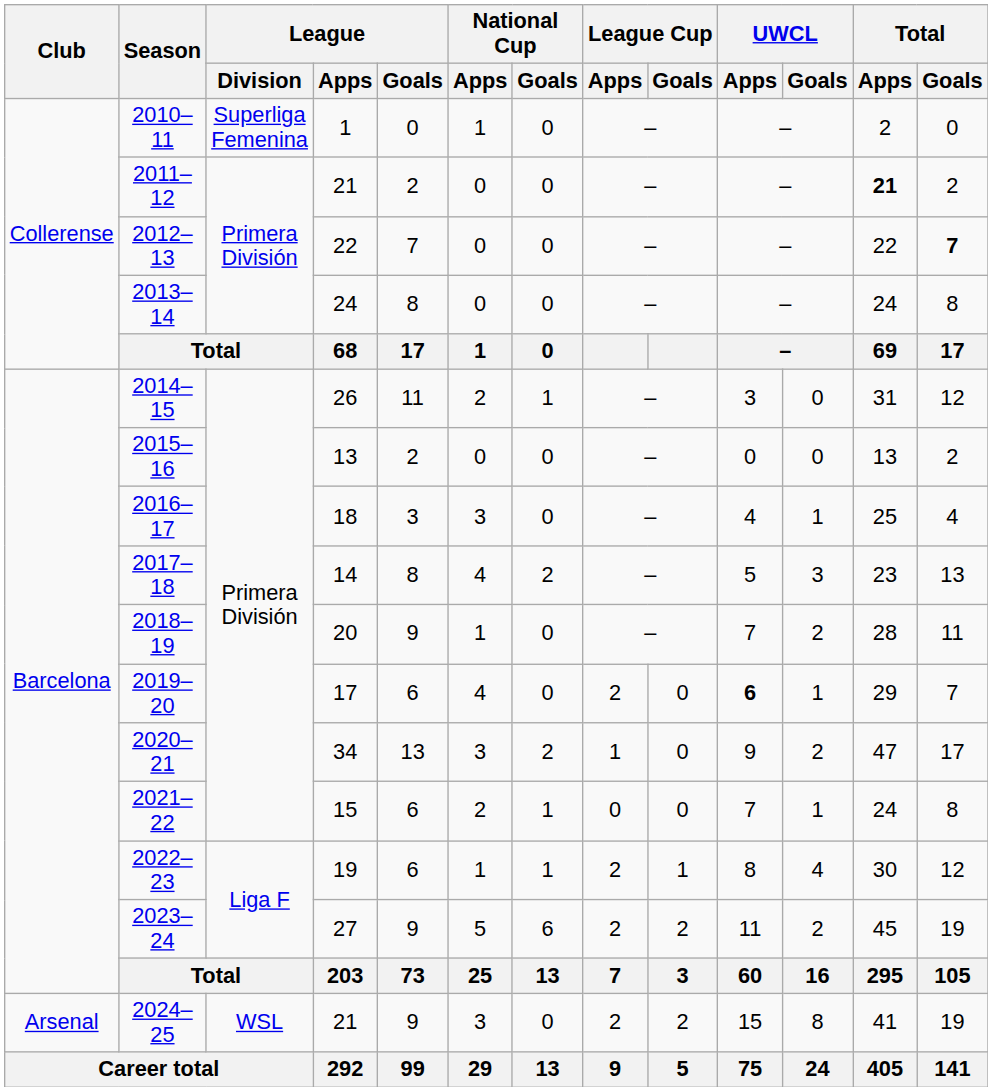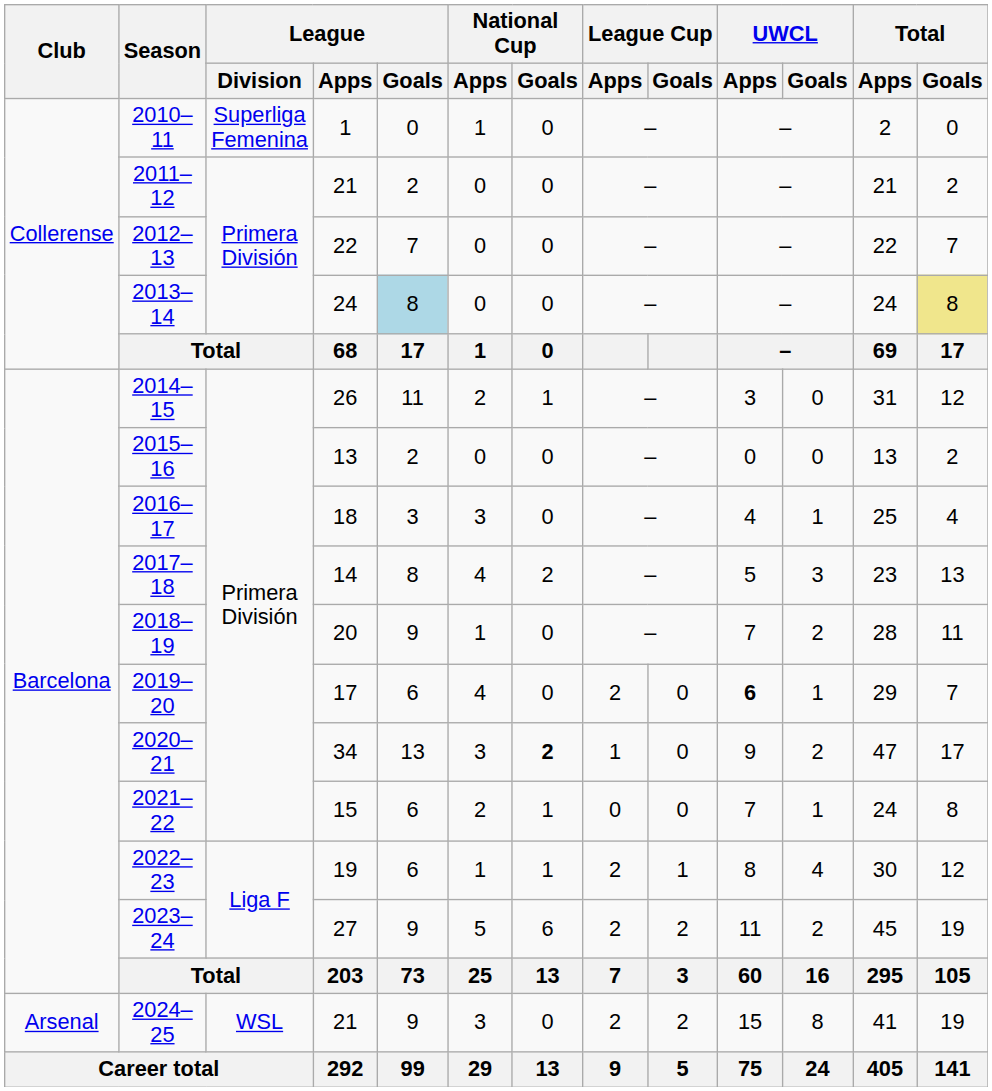 <table class="wikitable" style="text-align:center">
 <tr>
 <th rowspan="2">Club</th>
 <th rowspan="2">Season</th>
 <th colspan="3">League</th>
 <th colspan="2">National Cup</th>
 <th colspan="2">League Cup</th>
 <th colspan="2"><a href='#'>UWCL</a></th>
 <th colspan="2">Total</th>
 </tr>
 <tr>
 <th>Division</th>
 <th>Apps</th>
 <th>Goals</th>
 <th>Apps</th>
 <th>Goals</th>
 <th>Apps</th>
 <th>Goals</th>
 <th>Apps</th>
 <th>Goals</th>
 <th>Apps</th>
 <th>Goals</th>
 </tr>
 <tr>
 <td rowspan="5"><a href='#'>Collerense</a></td>
 <td><a href='#'>2010–11</a></td>
 <td><a href='#'>Superliga Femenina</a></td>
 <td>1</td>
 <td>0</td>
 <td>1</td>
 <td>0</td>
 <td colspan="2">–</td>
 <td colspan="2">–</td>
 <td>2</td>
 <td>0</td>
 </tr>
 <tr>
 <td><a href='#'>2011–12</a></td>
 <td rowspan="3"><a href='#'>Primera División</a></td>
 <td>21</td>
 <td>2</td>
 <td>0</td>
 <td>0</td>
 <td colspan="2">–</td>
 <td colspan="2">–</td>
-<td><strong>21</strong></td>
+<td>21</td>
 <td>2</td>
 </tr>
 <tr>
 <td><a href='#'>2012–13</a></td>
 <td>22</td>
 <td>7</td>
 <td>0</td>
 <td>0</td>
 <td colspan="2">–</td>
 <td colspan="2">–</td>
 <td>22</td>
-<td><strong>7</strong></td>
+<td>7</td>
 </tr>
 <tr>
 <td><a href='#'>2013–14</a></td>
 <td>24</td>
-<td>8</td>
+<td style="background: lightblue;">8</td>
 <td>0</td>
 <td>0</td>
 <td colspan="2">–</td>
 <td colspan="2">–</td>
 <td>24</td>
-<td>8</td>
+<td style="background: khaki;">8</td>
 </tr>
 <tr>
 <th colspan="2">Total</th>
 <th>68</th>
 <th>17</th>
 <th>1</th>
 <th>0</th>
 <th></th>
 <th></th>
 <th colspan="2">–</th>
 <th>69</th>
 <th>17</th>
 </tr>
 <tr>
 <td rowspan="11"><a href='#'>Barcelona</a></td>
 <td><a href='#'>2014–15</a></td>
 <td rowspan="8">Primera División</td>
 <td>26</td>
 <td>11</td>
 <td>2</td>
 <td>1</td>
 <td colspan="2">–</td>
 <td>3</td>
 <td>0</td>
 <td>31</td>
 <td>12</td>
 </tr>
 <tr>
 <td><a href='#'>2015–16</a></td>
 <td>13</td>
 <td>2</td>
 <td>0</td>
 <td>0</td>
 <td colspan="2">–</td>
 <td>0</td>
 <td>0</td>
 <td>13</td>
 <td>2</td>
 </tr>
 <tr>
 <td><a href='#'>2016–17</a></td>
 <td>18</td>
 <td>3</td>
 <td>3</td>
 <td>0</td>
 <td colspan="2">–</td>
 <td>4</td>
 <td>1</td>
 <td>25</td>
 <td>4</td>
 </tr>
 <tr>
 <td><a href='#'>2017–18</a></td>
 <td>14</td>
 <td>8</td>
 <td>4</td>
 <td>2</td>
 <td colspan="2">–</td>
 <td>5</td>
 <td>3</td>
 <td>23</td>
 <td>13</td>
 </tr>
 <tr>
 <td><a href='#'>2018–19</a></td>
 <td>20</td>
 <td>9</td>
 <td>1</td>
 <td>0</td>
 <td colspan="2">–</td>
 <td>7</td>
 <td>2</td>
 <td>28</td>
 <td>11</td>
 </tr>
 <tr>
 <td><a href='#'>2019–20</a></td>
 <td>17</td>
 <td>6</td>
 <td>4</td>
 <td>0</td>
 <td>2</td>
 <td>0</td>
 <td><strong>6</strong></td>
 <td>1</td>
 <td>29</td>
 <td>7</td>
 </tr>
 <tr>
 <td><a href='#'>2020–21</a></td>
 <td>34</td>
 <td>13</td>
 <td>3</td>
-<td>2</td>
+<td><strong>2</strong></td>
 <td>1</td>
 <td>0</td>
 <td>9</td>
 <td>2</td>
 <td>47</td>
 <td>17</td>
 </tr>
 <tr>
 <td><a href='#'>2021–22</a></td>
 <td>15</td>
 <td>6</td>
 <td>2</td>
 <td>1</td>
 <td>0</td>
 <td>0</td>
 <td>7</td>
 <td>1</td>
 <td>24</td>
 <td>8</td>
 </tr>
 <tr>
 <td><a href='#'>2022–23</a></td>
 <td rowspan="2"><a href='#'>Liga F</a></td>
 <td>19</td>
 <td>6</td>
 <td>1</td>
 <td>1</td>
 <td>2</td>
 <td>1</td>
 <td>8</td>
 <td>4</td>
 <td>30</td>
 <td>12</td>
 </tr>
 <tr>
 <td><a href='#'>2023–24</a></td>
 <td>27</td>
 <td>9</td>
 <td>5</td>
 <td>6</td>
 <td>2</td>
 <td>2</td>
 <td>11</td>
 <td>2</td>
 <td>45</td>
 <td>19</td>
 </tr>
 <tr>
 <th colspan="2">Total</th>
 <th>203</th>
 <th>73</th>
 <th>25</th>
 <th>13</th>
 <th>7</th>
 <th>3</th>
 <th>60</th>
 <th>16</th>
 <th>295</th>
 <th>105</th>
 </tr>
 <tr>
 <td><a href='#'>Arsenal</a></td>
 <td><a href='#'>2024–25</a></td>
 <td><a href='#'>WSL</a></td>
 <td>21</td>
 <td>9</td>
 <td>3</td>
 <td>0</td>
 <td>2</td>
 <td>2</td>
 <td>15</td>
 <td>8</td>
 <td>41</td>
 <td>19</td>
 </tr>
 <tr>
 <th colspan="3">Career total</th>
 <th>292</th>
 <th>99</th>
 <th>29</th>
 <th>13</th>
 <th>9</th>
 <th>5</th>
 <th>75</th>
 <th>24</th>
 <th>405</th>
 <th>141</th>
 </tr>
 </table>
